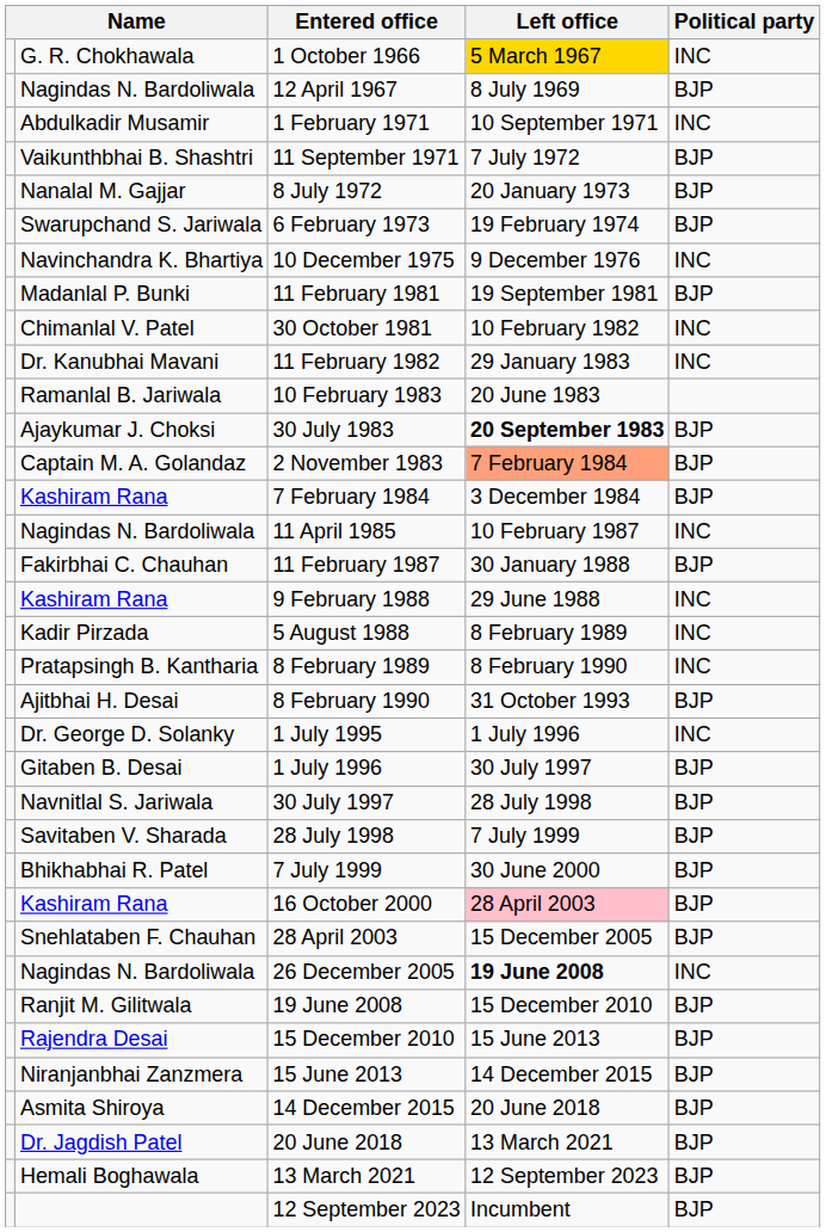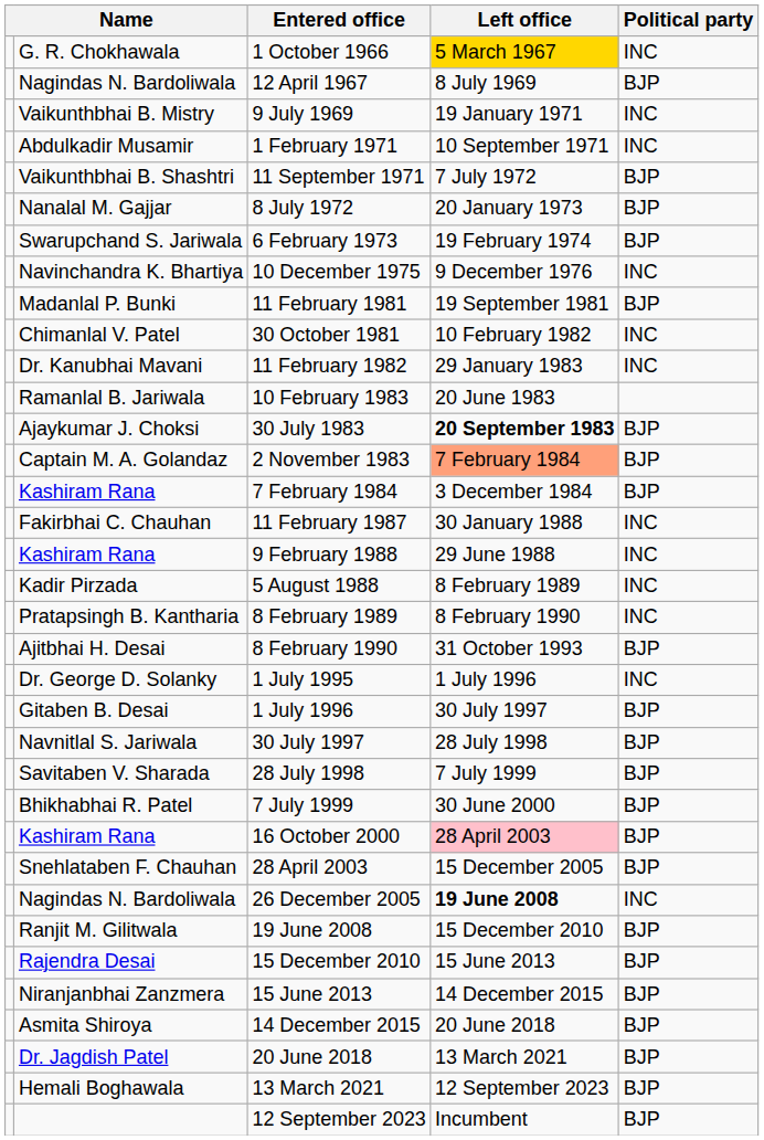 <table class="wikitable">
 <tr>
 <th colspan=2>Name</th>
 <th>Entered office</th>
 <th>Left office</th>
 <th>Political party</th>
 </tr>
 <tr>
 <td style="background-color: "></td>
 <td>G. R. Chokhawala</td>
 <td>1 October 1966</td>
 <td style="background: gold;">5 March 1967</td>
 <td>INC</td>
 </tr>
 <tr>
 <td style="background-color: "></td>
 <td>Nagindas N. Bardoliwala</td>
 <td>12 April 1967</td>
 <td>8 July 1969</td>
 <td>BJP</td>
+</tr>
+<tr>
+<td style="background-color: "></td>
+<td>Vaikunthbhai B. Mistry</td>
+<td>9 July 1969</td>
+<td>19 January 1971</td>
+<td>INC</td>
 </tr>
 <tr>
 <td style="background-color: "></td>
 <td>Abdulkadir Musamir</td>
 <td>1 February 1971</td>
 <td>10 September 1971</td>
 <td>INC</td>
 </tr>
 <tr>
 <td style="background-color: "></td>
 <td>Vaikunthbhai B. Shashtri</td>
 <td>11 September 1971</td>
 <td>7 July 1972</td>
 <td>BJP</td>
 </tr>
 <tr>
 <td style="background-color: "></td>
 <td>Nanalal M. Gajjar</td>
 <td>8 July 1972</td>
 <td>20 January 1973</td>
 <td>BJP</td>
 </tr>
 <tr>
 <td style="background-color: "></td>
 <td>Swarupchand S. Jariwala</td>
 <td>6 February 1973</td>
 <td>19 February 1974</td>
 <td>BJP</td>
 </tr>
 <tr>
 <td style="background-color: "></td>
 <td>Navinchandra K. Bhartiya</td>
 <td>10 December 1975</td>
 <td>9 December 1976</td>
 <td>INC</td>
 </tr>
 <tr>
 <td style="background-color: "></td>
 <td>Madanlal P. Bunki</td>
 <td>11 February 1981</td>
 <td>19 September 1981</td>
 <td>BJP</td>
 </tr>
 <tr>
 <td style="background-color: "></td>
 <td>Chimanlal V. Patel</td>
 <td>30 October 1981</td>
 <td>10 February 1982</td>
 <td>INC</td>
 </tr>
 <tr>
 <td style="background-color: "></td>
 <td>Dr. Kanubhai Mavani</td>
 <td>11 February 1982</td>
 <td>29 January 1983</td>
 <td>INC</td>
 </tr>
 <tr>
 <td></td>
 <td>Ramanlal B. Jariwala</td>
 <td>10 February 1983</td>
 <td>20 June 1983</td>
 <td></td>
 </tr>
 <tr>
 <td style="background-color: "></td>
 <td>Ajaykumar J. Choksi</td>
 <td>30 July 1983</td>
 <td><strong>20 September 1983</strong></td>
 <td>BJP</td>
 </tr>
 <tr>
 <td style="background-color: "></td>
 <td>Captain M. A. Golandaz</td>
 <td>2 November 1983</td>
 <td style="background: lightsalmon;">7 February 1984</td>
 <td>BJP</td>
 </tr>
 <tr>
 <td style="background-color: "></td>
 <td><a href='#'>Kashiram Rana</a></td>
 <td>7 February 1984</td>
 <td>3 December 1984</td>
 <td>BJP</td>
 </tr>
 <tr>
 <td style="background-color: "></td>
-<td>Nagindas N. Bardoliwala</td>
-<td>11 April 1985</td>
-<td>10 February 1987</td>
-<td>INC</td>
-</tr>
-<tr>
-<td style="background-color: "></td>
 <td>Fakirbhai C. Chauhan</td>
 <td>11 February 1987</td>
 <td>30 January 1988</td>
-<td>BJP</td>
+<td>INC</td>
 </tr>
 <tr>
 <td style="background-color: "></td>
 <td><a href='#'>Kashiram Rana</a></td>
 <td>9 February 1988</td>
 <td>29 June 1988</td>
 <td>INC</td>
 </tr>
 <tr>
 <td style="background-color: "></td>
 <td>Kadir Pirzada</td>
 <td>5 August 1988</td>
 <td>8 February 1989</td>
 <td>INC</td>
 </tr>
 <tr>
 <td style="background-color: "></td>
 <td>Pratapsingh B. Kantharia</td>
 <td>8 February 1989</td>
 <td>8 February 1990</td>
 <td>INC</td>
 </tr>
 <tr>
 <td style="background-color: "></td>
 <td>Ajitbhai H. Desai</td>
 <td>8 February 1990</td>
 <td>31 October 1993</td>
 <td>BJP</td>
 </tr>
 <tr>
 <td style="background-color: "></td>
 <td>Dr. George D. Solanky</td>
 <td>1 July 1995</td>
 <td>1 July 1996</td>
 <td>INC</td>
 </tr>
 <tr>
 <td style="background-color: "></td>
 <td>Gitaben B. Desai</td>
 <td>1 July 1996</td>
 <td>30 July 1997</td>
 <td>BJP</td>
 </tr>
 <tr>
 <td style="background-color: "></td>
 <td>Navnitlal S. Jariwala</td>
 <td>30 July 1997</td>
 <td>28 July 1998</td>
 <td>BJP</td>
 </tr>
 <tr>
 <td style="background-color: "></td>
 <td>Savitaben V. Sharada</td>
 <td>28 July 1998</td>
 <td>7 July 1999</td>
 <td>BJP</td>
 </tr>
 <tr>
 <td style="background-color: "></td>
 <td>Bhikhabhai R. Patel</td>
 <td>7 July 1999</td>
 <td>30 June 2000</td>
 <td>BJP</td>
 </tr>
 <tr>
 <td style="background-color: "></td>
 <td><a href='#'>Kashiram Rana</a></td>
 <td>16 October 2000</td>
 <td style="background: pink;">28 April 2003</td>
 <td>BJP</td>
 </tr>
 <tr>
 <td style="background-color: "></td>
 <td>Snehlataben F. Chauhan</td>
 <td>28 April 2003</td>
 <td>15 December 2005</td>
 <td>BJP</td>
 </tr>
 <tr>
 <td style="background-color: "></td>
 <td>Nagindas N. Bardoliwala</td>
 <td>26 December 2005</td>
 <td><strong>19 June 2008</strong></td>
 <td>INC</td>
 </tr>
 <tr>
 <td style="background-color: "></td>
 <td>Ranjit M. Gilitwala</td>
 <td>19 June 2008</td>
 <td>15 December 2010</td>
 <td>BJP</td>
 </tr>
 <tr>
 <td style="background-color: "></td>
 <td><a href='#'>Rajendra Desai</a></td>
 <td>15 December 2010</td>
 <td>15 June 2013</td>
 <td>BJP</td>
 </tr>
 <tr>
 <td style="background-color: "></td>
 <td>Niranjanbhai Zanzmera</td>
 <td>15 June 2013</td>
 <td>14 December 2015</td>
 <td>BJP</td>
 </tr>
 <tr>
 <td style="background-color: "></td>
 <td>Asmita Shiroya</td>
 <td>14 December 2015</td>
 <td>20 June 2018</td>
 <td>BJP</td>
 </tr>
 <tr>
 <td style="background-color: "></td>
 <td><a href='#'>Dr. Jagdish Patel</a></td>
 <td>20 June 2018</td>
 <td>13 March 2021</td>
 <td>BJP</td>
 </tr>
 <tr>
 <td style="background-color: "></td>
 <td>Hemali Boghawala</td>
 <td>13 March 2021</td>
 <td>12 September 2023</td>
 <td>BJP</td>
 </tr>
 <tr>
 <td Style="background-color: "></td>
 <td></td>
 <td>12 September 2023</td>
 <td>Incumbent</td>
 <td>BJP</td>
 </tr>
 </table>
